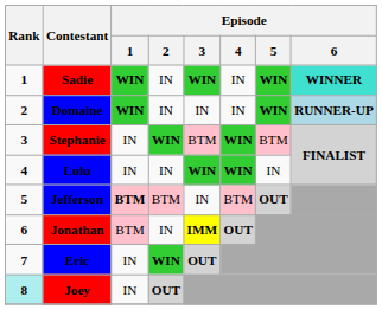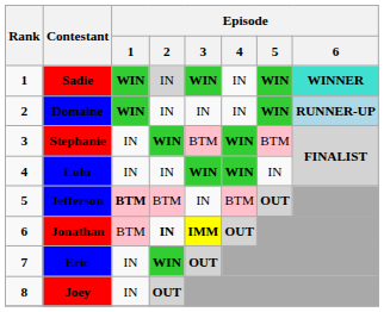 <table class="wikitable" style="text-align: center; font-size: 8.5pt; line-height:20px;">
 <tr>
 <th rowspan="2">Rank</th>
 <th rowspan="2">Contestant</th>
 <th colspan="6">Episode</th>
 </tr>
 <tr>
 <th>1</th>
 <th>2</th>
 <th>3</th>
 <th>4</th>
 <th>5</th>
 <th>6</th>
 </tr>
 <tr>
 <td><strong>1</strong></td>
 <td style="background:red"><span><strong>Sadie</strong></span></td>
 <td style="background:limegreen;"><strong>WIN</strong></td>
-<td>IN</td>
+<td style="background: lightgrey;">IN</td>
 <td style="background:limegreen;"><strong>WIN</strong></td>
 <td>IN</td>
 <td style="background:limegreen;"><strong>WIN</strong></td>
 <td style="background:turquoise"><strong>WINNER</strong></td>
 </tr>
 <tr>
 <td><strong>2</strong></td>
 <td style="background:blue"><span><strong>Domaine</strong></span></td>
 <td style="background:limegreen;"><strong>WIN</strong></td>
 <td>IN</td>
 <td>IN</td>
 <td>IN</td>
 <td style="background:limegreen;"><strong>WIN</strong></td>
 <td style="background:lightblue"><strong>RUNNER-UP</strong></td>
 </tr>
 <tr>
 <td><strong>3</strong></td>
 <td style="background:red"><span><strong>Stephanie</strong></span></td>
 <td>IN</td>
 <td style="background:limegreen;"><strong>WIN</strong></td>
 <td style="background:pink;">BTM</td>
 <td style="background:limegreen;"><strong>WIN</strong></td>
 <td style="background:pink;">BTM</td>
 <td rowspan="2" style="background:lightgray;"><strong>FINALIST</strong></td>
 </tr>
 <tr>
 <td><strong>4</strong></td>
 <td style="background:blue"><span><strong>Lulu</strong></span></td>
 <td>IN</td>
 <td>IN</td>
 <td style="background:limegreen;"><strong>WIN</strong></td>
 <td style="background:limegreen;"><strong>WIN</strong></td>
 <td>IN</td>
 </tr>
 <tr>
 <td><strong>5</strong></td>
 <td style="background:blue"><span><strong>Jefferson</strong></span></td>
 <td style="background:pink;"><strong>BTM</strong></td>
 <td style="background:pink;">BTM</td>
 <td>IN</td>
 <td style="background:pink;">BTM</td>
 <td style="background:lightgray;"><strong>OUT</strong></td>
 <td colspan="3" style="background:darkgrey;"></td>
 </tr>
 <tr>
 <td><strong>6</strong></td>
 <td style="background:red"><span><strong>Jonathan</strong></span></td>
 <td style="background:pink;">BTM</td>
-<td>IN</td>
+<td><strong>IN</strong></td>
 <td style="background:yellow;"><strong>IMM</strong></td>
 <td style="background:lightgray;"><strong>OUT</strong></td>
 <td colspan="3" style="background:darkgrey;"></td>
 </tr>
 <tr>
 <td><strong>7</strong></td>
 <td style="background:blue"><span><strong>Eric</strong></span></td>
 <td>IN</td>
 <td style="background:limegreen;"><strong>WIN</strong></td>
 <td style="background:lightgray;"><strong>OUT</strong></td>
 <td colspan="3" style="background:darkgrey;"></td>
 </tr>
 <tr>
-<td style="background: paleturquoise;"><strong>8</strong></td>
+<td><strong>8</strong></td>
 <td style="background:red"><span><strong>Joey</strong></span></td>
 <td>IN</td>
 <td style="background:lightgray;"><strong>OUT</strong></td>
 <td colspan="4" style="background:darkgrey;"></td>
 </tr>
 <tr>
 </tr>
 </table>
